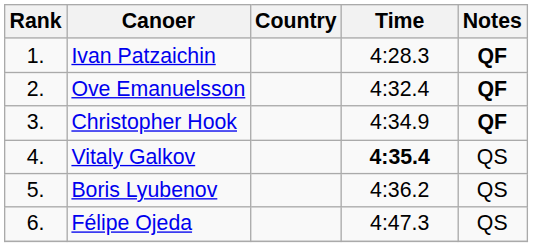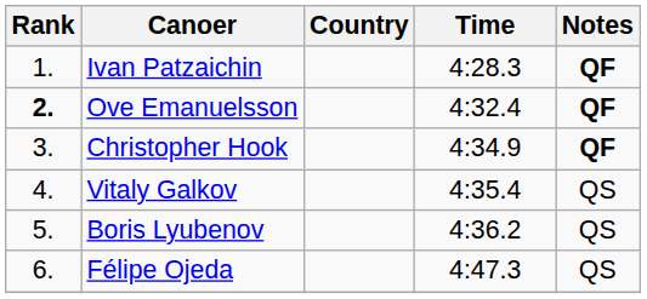 <table class="wikitable sortable" style="text-align:center">
 <tr>
 <th>Rank</th>
 <th>Canoer</th>
 <th>Country</th>
 <th>Time</th>
 <th>Notes</th>
 </tr>
 <tr>
 <td>1.</td>
 <td align=left athlete><a href='#'>Ivan Patzaichin</a></td>
 <td align=left></td>
 <td width=80>4:28.3</td>
 <td><strong>QF</strong></td>
 </tr>
 <tr>
-<td>2.</td>
+<td><strong>2.</strong></td>
 <td align=left athlete><a href='#'>Ove Emanuelsson</a></td>
 <td align=left></td>
 <td>4:32.4</td>
 <td><strong>QF</strong></td>
 </tr>
 <tr>
 <td>3.</td>
 <td align=left athlete><a href='#'>Christopher Hook</a></td>
 <td align=left></td>
 <td>4:34.9</td>
 <td><strong>QF</strong></td>
 </tr>
 <tr>
 <td>4.</td>
 <td align=left athlete><a href='#'>Vitaly Galkov</a></td>
 <td align=left></td>
-<td><strong>4:35.4</strong></td>
+<td>4:35.4</td>
 <td>QS</td>
 </tr>
 <tr>
 <td>5.</td>
 <td align=left athlete><a href='#'>Boris Lyubenov</a></td>
 <td align=left></td>
 <td>4:36.2</td>
 <td>QS</td>
 </tr>
 <tr>
 <td>6.</td>
 <td align=left athlete><a href='#'>Félipe Ojeda</a></td>
 <td align=left></td>
 <td>4:47.3</td>
 <td>QS</td>
 </tr>
 <tr>
 </tr>
 </table>
